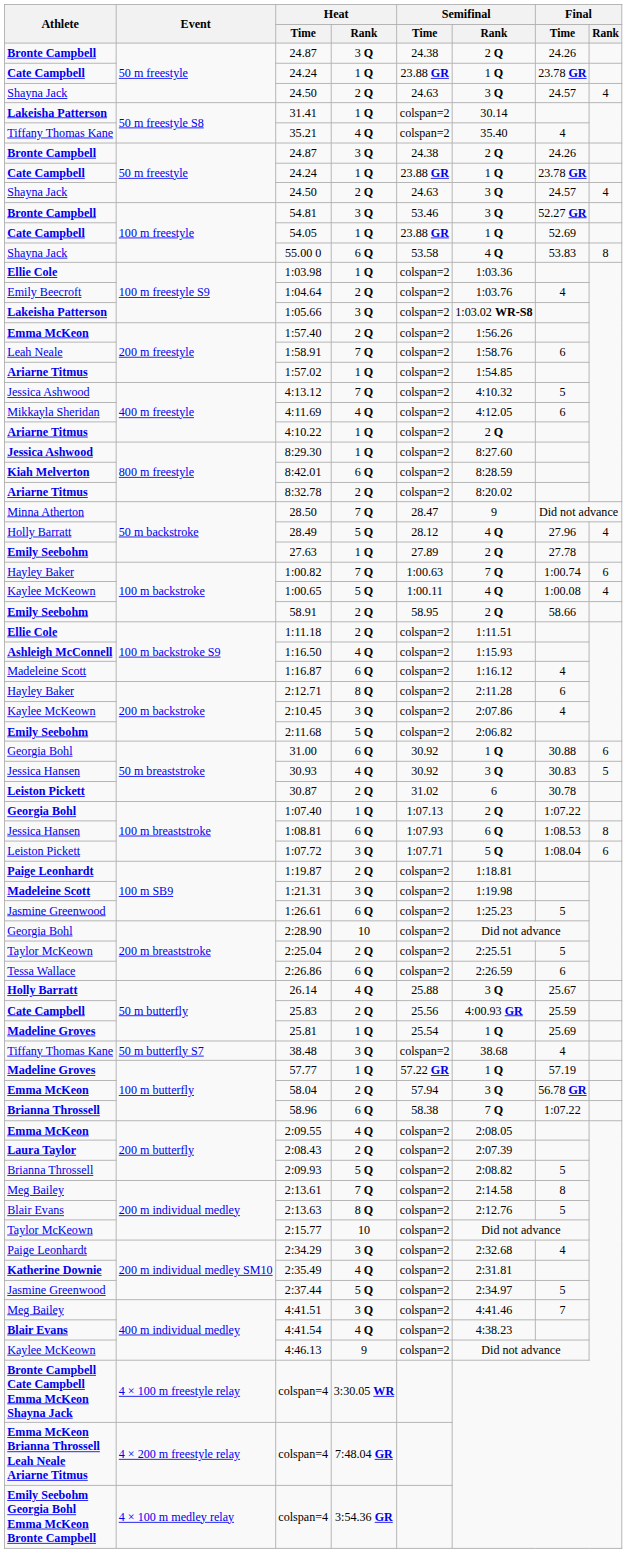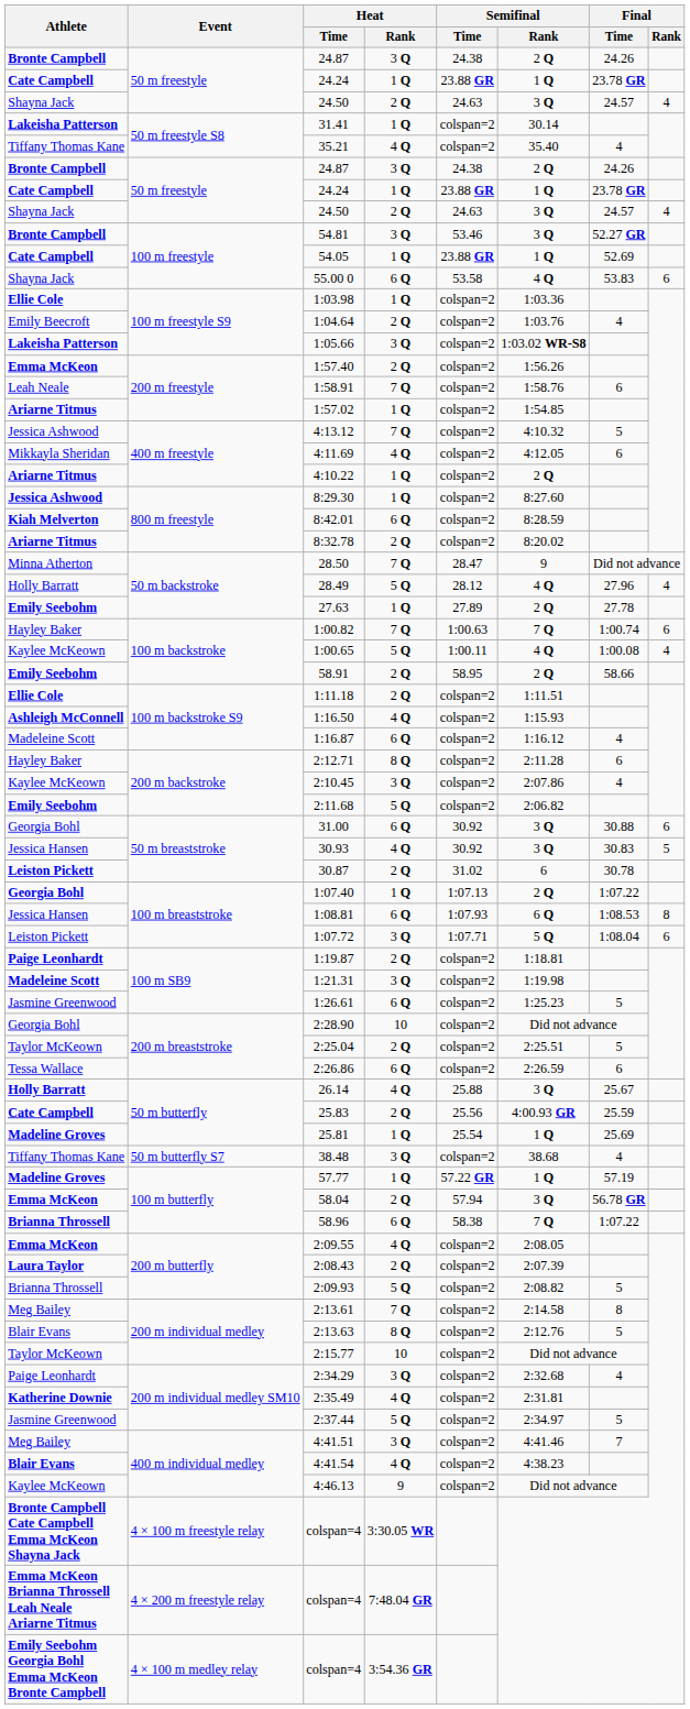 <table class=wikitable style=font-size:90%;text-align:center>
 <tr>
 <th rowspan=2>Athlete</th>
 <th rowspan=2>Event</th>
 <th colspan=2>Heat</th>
 <th colspan=2>Semifinal</th>
 <th colspan=2>Final</th>
 </tr>
 <tr style=font-size:95%>
 <th>Time</th>
 <th>Rank</th>
 <th>Time</th>
 <th>Rank</th>
 <th>Time</th>
 <th>Rank</th>
 </tr>
 <tr>
 <td align=left><strong><a href='#'>Bronte Campbell</a></strong></td>
 <td align=left rowspan=3><a href='#'>50 m freestyle</a></td>
 <td>24.87</td>
 <td>3 <strong>Q</strong></td>
 <td>24.38</td>
 <td>2 <strong>Q</strong></td>
 <td>24.26</td>
 <td></td>
 </tr>
 <tr>
 <td align=left><strong><a href='#'>Cate Campbell</a></strong></td>
 <td>24.24</td>
 <td>1 <strong>Q</strong></td>
 <td>23.88 <a href='#'><strong>GR</strong></a></td>
 <td>1 <strong>Q</strong></td>
 <td>23.78 <a href='#'><strong>GR</strong></a></td>
 <td></td>
 </tr>
 <tr>
 <td align=left><a href='#'>Shayna Jack</a></td>
 <td>24.50</td>
 <td>2 <strong>Q</strong></td>
 <td>24.63</td>
 <td>3 <strong>Q</strong></td>
 <td>24.57</td>
 <td>4</td>
 </tr>
 <tr>
 <td align=left><strong><a href='#'>Lakeisha Patterson</a></strong></td>
 <td align=left rowspan=2><a href='#'>50 m freestyle S8</a></td>
 <td>31.41</td>
 <td>1 <strong>Q</strong></td>
 <td>colspan=2 </td>
 <td>30.14</td>
 <td></td>
 </tr>
 <tr>
 <td align=left><a href='#'>Tiffany Thomas Kane</a></td>
 <td>35.21</td>
 <td>4 <strong>Q</strong></td>
 <td>colspan=2 </td>
 <td>35.40</td>
 <td>4</td>
 </tr>
 <tr>
 <td align=left><strong><a href='#'>Bronte Campbell</a></strong></td>
 <td align=left rowspan=3><a href='#'>50 m freestyle</a></td>
 <td>24.87</td>
 <td>3 <strong>Q</strong></td>
 <td>24.38</td>
 <td>2 <strong>Q</strong></td>
 <td>24.26</td>
 <td></td>
 </tr>
 <tr>
 <td align=left><strong><a href='#'>Cate Campbell</a></strong></td>
 <td>24.24</td>
 <td>1 <strong>Q</strong></td>
 <td>23.88 <a href='#'><strong>GR</strong></a></td>
 <td>1 <strong>Q</strong></td>
 <td>23.78 <a href='#'><strong>GR</strong></a></td>
 <td></td>
 </tr>
 <tr>
 <td align=left><a href='#'>Shayna Jack</a></td>
 <td>24.50</td>
 <td>2 <strong>Q</strong></td>
 <td>24.63</td>
 <td>3 <strong>Q</strong></td>
 <td>24.57</td>
 <td>4</td>
 </tr>
 <tr>
 <td align=left><strong><a href='#'>Bronte Campbell</a></strong></td>
 <td align=left rowspan=3><a href='#'>100 m freestyle</a></td>
 <td>54.81</td>
 <td>3 <strong>Q</strong></td>
 <td>53.46</td>
 <td>3 <strong>Q</strong></td>
 <td>52.27  <a href='#'><strong>GR</strong></a></td>
 <td></td>
 </tr>
 <tr>
 <td align=left><strong><a href='#'>Cate Campbell</a></strong></td>
 <td>54.05</td>
 <td>1 <strong>Q</strong></td>
 <td>23.88 <a href='#'><strong>GR</strong></a></td>
 <td>1 <strong>Q</strong></td>
 <td>52.69</td>
 <td></td>
 </tr>
 <tr>
 <td align=left><a href='#'>Shayna Jack</a></td>
 <td>55.00 0</td>
 <td>6 <strong>Q</strong></td>
 <td>53.58</td>
 <td>4 <strong>Q</strong></td>
 <td>53.83</td>
-<td>8</td>
+<td>6</td>
 </tr>
 <tr>
 <td align=left><strong><a href='#'>Ellie Cole</a></strong></td>
 <td align=left rowspan=3><a href='#'>100 m freestyle S9</a></td>
 <td>1:03.98</td>
 <td>1 <strong>Q</strong></td>
 <td>colspan=2 </td>
 <td>1:03.36</td>
 <td></td>
 </tr>
 <tr>
 <td align=left><a href='#'>Emily Beecroft</a></td>
 <td>1:04.64</td>
 <td>2 <strong>Q</strong></td>
 <td>colspan=2 </td>
 <td>1:03.76</td>
 <td>4</td>
 </tr>
 <tr>
 <td align=left><strong><a href='#'>Lakeisha Patterson</a></strong></td>
 <td>1:05.66</td>
 <td>3 <strong>Q</strong></td>
 <td>colspan=2 </td>
 <td>1:03.02 <strong>WR-S8</strong></td>
 <td></td>
 </tr>
 <tr>
 <td align=left><strong><a href='#'>Emma McKeon</a></strong></td>
 <td align=left rowspan=3><a href='#'>200 m freestyle</a></td>
 <td>1:57.40</td>
 <td>2 <strong>Q</strong></td>
 <td>colspan=2 </td>
 <td>1:56.26</td>
 <td></td>
 </tr>
 <tr>
 <td align=left><a href='#'>Leah Neale</a></td>
 <td>1:58.91</td>
 <td>7 <strong>Q</strong></td>
 <td>colspan=2 </td>
 <td>1:58.76</td>
 <td>6</td>
 </tr>
 <tr>
 <td align=left><strong><a href='#'>Ariarne Titmus</a></strong></td>
 <td>1:57.02</td>
 <td>1 <strong>Q</strong></td>
 <td>colspan=2 </td>
 <td>1:54.85</td>
 <td></td>
 </tr>
 <tr>
 <td align=left><a href='#'>Jessica Ashwood</a></td>
 <td align=left rowspan=3><a href='#'>400 m freestyle</a></td>
 <td>4:13.12</td>
 <td>7 <strong>Q</strong></td>
 <td>colspan=2 </td>
 <td>4:10.32</td>
 <td>5</td>
 </tr>
 <tr>
 <td align=left><a href='#'>Mikkayla Sheridan</a></td>
 <td>4:11.69</td>
 <td>4 <strong>Q</strong></td>
 <td>colspan=2 </td>
 <td>4:12.05</td>
 <td>6</td>
 </tr>
 <tr>
 <td align=left><strong><a href='#'>Ariarne Titmus</a></strong></td>
 <td>4:10.22</td>
 <td>1 <strong>Q</strong></td>
 <td>colspan=2 </td>
 <td>2 <strong>Q</strong></td>
 <td></td>
 </tr>
 <tr>
 <td align=left><strong><a href='#'>Jessica Ashwood</a></strong></td>
 <td align=left rowspan=3><a href='#'>800 m freestyle</a></td>
 <td>8:29.30</td>
 <td>1 <strong>Q</strong></td>
 <td>colspan=2 </td>
 <td>8:27.60</td>
 <td></td>
 </tr>
 <tr>
 <td align=left><strong><a href='#'>Kiah Melverton</a></strong></td>
 <td>8:42.01</td>
 <td>6 <strong>Q</strong></td>
 <td>colspan=2 </td>
 <td>8:28.59</td>
 <td></td>
 </tr>
 <tr>
 <td align=left><strong><a href='#'>Ariarne Titmus</a></strong></td>
 <td>8:32.78</td>
 <td>2 <strong>Q</strong></td>
 <td>colspan=2 </td>
 <td>8:20.02</td>
 <td></td>
 </tr>
 <tr>
 <td align=left><a href='#'>Minna Atherton</a></td>
 <td align=left rowspan=3><a href='#'>50 m backstroke</a></td>
 <td>28.50</td>
 <td>7 <strong>Q</strong></td>
 <td>28.47</td>
 <td>9</td>
 <td colspan=2>Did not advance</td>
 </tr>
 <tr>
 <td align=left><a href='#'>Holly Barratt</a></td>
 <td>28.49</td>
 <td>5 <strong>Q</strong></td>
 <td>28.12</td>
 <td>4 <strong>Q</strong></td>
 <td>27.96</td>
 <td>4</td>
 </tr>
 <tr>
 <td align=left><strong><a href='#'>Emily Seebohm</a></strong></td>
 <td>27.63</td>
 <td>1 <strong>Q</strong></td>
 <td>27.89</td>
 <td>2 <strong>Q</strong></td>
 <td>27.78</td>
 <td></td>
 </tr>
 <tr>
 <td align=left><a href='#'>Hayley Baker</a></td>
 <td align=left rowspan=3><a href='#'>100 m backstroke</a></td>
 <td>1:00.82</td>
 <td>7 <strong>Q</strong></td>
 <td>1:00.63</td>
 <td>7 <strong>Q</strong></td>
 <td>1:00.74</td>
 <td>6</td>
 </tr>
 <tr>
 <td align=left><a href='#'>Kaylee McKeown</a></td>
 <td>1:00.65</td>
 <td>5 <strong>Q</strong></td>
 <td>1:00.11</td>
 <td>4 <strong>Q</strong></td>
 <td>1:00.08</td>
 <td>4</td>
 </tr>
 <tr>
 <td align=left><strong><a href='#'>Emily Seebohm</a></strong></td>
 <td>58.91</td>
 <td>2 <strong>Q</strong></td>
 <td>58.95</td>
 <td>2 <strong>Q</strong></td>
 <td>58.66</td>
 <td></td>
 </tr>
 <tr>
 <td align=left><strong><a href='#'>Ellie Cole</a></strong></td>
 <td align=left rowspan=3><a href='#'>100 m backstroke S9</a></td>
 <td>1:11.18</td>
 <td>2 <strong>Q</strong></td>
 <td>colspan=2 </td>
 <td>1:11.51</td>
 <td></td>
 </tr>
 <tr>
 <td align=left><strong><a href='#'>Ashleigh McConnell</a></strong></td>
 <td>1:16.50</td>
 <td>4 <strong>Q</strong></td>
 <td>colspan=2 </td>
 <td>1:15.93</td>
 <td></td>
 </tr>
 <tr>
 <td align=left><a href='#'>Madeleine Scott</a></td>
 <td>1:16.87</td>
 <td>6 <strong>Q</strong></td>
 <td>colspan=2 </td>
 <td>1:16.12</td>
 <td>4</td>
 </tr>
 <tr>
 <td align=left><a href='#'>Hayley Baker</a></td>
 <td align=left rowspan=3><a href='#'>200 m backstroke</a></td>
 <td>2:12.71</td>
 <td>8 <strong>Q</strong></td>
 <td>colspan=2 </td>
 <td>2:11.28</td>
 <td>6</td>
 </tr>
 <tr>
 <td align=left><a href='#'>Kaylee McKeown</a></td>
 <td>2:10.45</td>
 <td>3 <strong>Q</strong></td>
 <td>colspan=2 </td>
 <td>2:07.86</td>
 <td>4</td>
 </tr>
 <tr>
 <td align=left><strong><a href='#'>Emily Seebohm</a></strong></td>
 <td>2:11.68</td>
 <td>5 <strong>Q</strong></td>
 <td>colspan=2 </td>
 <td>2:06.82</td>
 <td></td>
 </tr>
 <tr>
 <td align=left><a href='#'>Georgia Bohl</a></td>
 <td align=left rowspan=3><a href='#'>50 m breaststroke</a></td>
 <td>31.00</td>
 <td>6 <strong>Q</strong></td>
 <td>30.92</td>
-<td>1 <strong>Q</strong></td>
+<td>3 <strong>Q</strong></td>
 <td>30.88</td>
 <td>6</td>
 </tr>
 <tr>
 <td align=left><a href='#'>Jessica Hansen</a></td>
 <td>30.93</td>
 <td>4 <strong>Q</strong></td>
 <td>30.92</td>
 <td>3 <strong>Q</strong></td>
 <td>30.83</td>
 <td>5</td>
 </tr>
 <tr>
 <td align=left><strong><a href='#'>Leiston Pickett</a></strong></td>
 <td>30.87</td>
 <td>2 <strong>Q</strong></td>
 <td>31.02</td>
 <td>6</td>
 <td>30.78</td>
 <td></td>
 </tr>
 <tr>
 <td align=left><strong><a href='#'>Georgia Bohl</a></strong></td>
 <td align=left rowspan=3><a href='#'>100 m breaststroke</a></td>
 <td>1:07.40</td>
 <td>1 <strong>Q</strong></td>
 <td>1:07.13</td>
 <td>2 <strong>Q</strong></td>
 <td>1:07.22</td>
 <td></td>
 </tr>
 <tr>
 <td align=left><a href='#'>Jessica Hansen</a></td>
 <td>1:08.81</td>
 <td>6 <strong>Q</strong></td>
 <td>1:07.93</td>
 <td>6 <strong>Q</strong></td>
 <td>1:08.53</td>
 <td>8</td>
 </tr>
 <tr>
 <td align=left><a href='#'>Leiston Pickett</a></td>
 <td>1:07.72</td>
 <td>3 <strong>Q</strong></td>
 <td>1:07.71</td>
 <td>5 <strong>Q</strong></td>
 <td>1:08.04</td>
 <td>6</td>
 </tr>
 <tr>
 <td align=left><strong><a href='#'>Paige Leonhardt</a></strong></td>
 <td align=left rowspan=3><a href='#'>100 m SB9</a></td>
 <td>1:19.87</td>
 <td>2 <strong>Q</strong></td>
 <td>colspan=2 </td>
 <td>1:18.81</td>
 <td></td>
 </tr>
 <tr>
 <td align=left><strong><a href='#'>Madeleine Scott</a></strong></td>
 <td>1:21.31</td>
 <td>3 <strong>Q</strong></td>
 <td>colspan=2 </td>
 <td>1:19.98</td>
 <td></td>
 </tr>
 <tr>
 <td align=left><a href='#'>Jasmine Greenwood</a></td>
 <td>1:26.61</td>
 <td>6 <strong>Q</strong></td>
 <td>colspan=2 </td>
 <td>1:25.23</td>
 <td>5</td>
 </tr>
 <tr>
 <td align=left><a href='#'>Georgia Bohl</a></td>
 <td align=left rowspan=3><a href='#'>200 m breaststroke</a></td>
 <td>2:28.90</td>
 <td>10</td>
 <td>colspan=2 </td>
 <td colspan=2>Did not advance</td>
 </tr>
 <tr>
 <td align=left><a href='#'>Taylor McKeown</a></td>
 <td>2:25.04</td>
 <td>2 <strong>Q</strong></td>
 <td>colspan=2 </td>
 <td>2:25.51</td>
 <td>5</td>
 </tr>
 <tr>
 <td align=left><a href='#'>Tessa Wallace</a></td>
 <td>2:26.86</td>
 <td>6 <strong>Q</strong></td>
 <td>colspan=2 </td>
 <td>2:26.59</td>
 <td>6</td>
 </tr>
 <tr>
 <td align=left><strong><a href='#'>Holly Barratt</a></strong></td>
 <td align=left rowspan=3><a href='#'>50 m butterfly</a></td>
 <td>26.14</td>
 <td>4 <strong>Q</strong></td>
 <td>25.88</td>
 <td>3 <strong> Q</strong></td>
 <td>25.67</td>
 <td></td>
 </tr>
 <tr>
 <td align=left><strong><a href='#'>Cate Campbell</a></strong></td>
 <td>25.83</td>
 <td>2 <strong>Q</strong></td>
 <td>25.56</td>
 <td>4:00.93 <a href='#'><strong>GR</strong></a></td>
 <td>25.59</td>
 <td></td>
 </tr>
 <tr>
 <td align=left><strong><a href='#'>Madeline Groves</a></strong></td>
 <td>25.81</td>
 <td>1 <strong>Q</strong></td>
 <td>25.54</td>
 <td>1 <strong>Q</strong></td>
 <td>25.69</td>
 <td></td>
 </tr>
 <tr>
 <td align=left><a href='#'>Tiffany Thomas Kane</a></td>
 <td align=left><a href='#'>50 m butterfly S7</a></td>
 <td>38.48</td>
 <td>3 <strong>Q</strong></td>
 <td>colspan=2 </td>
 <td>38.68</td>
 <td>4</td>
 </tr>
 <tr>
 <td align=left><strong><a href='#'>Madeline Groves</a></strong></td>
 <td align=left rowspan=3><a href='#'>100 m butterfly</a></td>
 <td>57.77</td>
 <td>1 <strong>Q</strong></td>
 <td>57.22 <a href='#'><strong>GR</strong></a></td>
 <td>1 <strong>Q</strong></td>
 <td>57.19</td>
 <td></td>
 </tr>
 <tr>
 <td align=left><strong><a href='#'>Emma McKeon</a></strong></td>
 <td>58.04</td>
 <td>2 <strong>Q</strong></td>
 <td>57.94</td>
 <td>3 <strong>Q</strong></td>
 <td>56.78 <a href='#'><strong>GR</strong></a></td>
 <td></td>
 </tr>
 <tr>
 <td align=left><strong><a href='#'>Brianna Throssell</a></strong></td>
 <td>58.96</td>
 <td>6 <strong>Q</strong></td>
 <td>58.38</td>
 <td>7 <strong>Q</strong></td>
 <td>1:07.22</td>
 <td></td>
 </tr>
 <tr>
 <td align=left><strong><a href='#'>Emma McKeon</a></strong></td>
 <td align=left rowspan=3><a href='#'>200 m butterfly</a></td>
 <td>2:09.55</td>
 <td>4 <strong>Q</strong></td>
 <td>colspan=2 </td>
 <td>2:08.05</td>
 <td></td>
 </tr>
 <tr>
 <td align=left><strong><a href='#'>Laura Taylor</a></strong></td>
 <td>2:08.43</td>
 <td>2 <strong>Q</strong></td>
 <td>colspan=2 </td>
 <td>2:07.39</td>
 <td></td>
 </tr>
 <tr>
 <td align=left><a href='#'>Brianna Throssell</a></td>
 <td>2:09.93</td>
 <td>5 <strong>Q</strong></td>
 <td>colspan=2 </td>
 <td>2:08.82</td>
 <td>5</td>
 </tr>
 <tr>
 <td align=left><a href='#'>Meg Bailey</a></td>
 <td align=left rowspan=3><a href='#'>200 m individual medley</a></td>
 <td>2:13.61</td>
 <td>7 <strong>Q</strong></td>
 <td>colspan=2 </td>
 <td>2:14.58</td>
 <td>8</td>
 </tr>
 <tr>
 <td align=left><a href='#'>Blair Evans</a></td>
 <td>2:13.63</td>
 <td>8 <strong>Q</strong></td>
 <td>colspan=2 </td>
 <td>2:12.76</td>
 <td>5</td>
 </tr>
 <tr>
 <td align=left><a href='#'>Taylor McKeown</a></td>
 <td>2:15.77</td>
 <td>10</td>
 <td>colspan=2 </td>
 <td colspan=2>Did not advance</td>
 </tr>
 <tr>
 <td align=left><a href='#'>Paige Leonhardt</a></td>
 <td align=left rowspan=3><a href='#'>200 m individual medley SM10</a></td>
 <td>2:34.29</td>
 <td>3 <strong>Q</strong></td>
 <td>colspan=2 </td>
 <td>2:32.68</td>
 <td>4</td>
 </tr>
 <tr>
 <td align=left><strong><a href='#'>Katherine Downie</a></strong></td>
 <td>2:35.49</td>
 <td>4 <strong>Q</strong></td>
 <td>colspan=2 </td>
 <td>2:31.81</td>
 <td></td>
 </tr>
 <tr>
 <td align=left><a href='#'>Jasmine Greenwood</a></td>
 <td>2:37.44</td>
 <td>5 <strong>Q</strong></td>
 <td>colspan=2 </td>
 <td>2:34.97</td>
 <td>5</td>
 </tr>
 <tr>
 <td align=left><a href='#'>Meg Bailey</a></td>
 <td align=left rowspan=3><a href='#'>400 m individual medley</a></td>
 <td>4:41.51</td>
 <td>3 <strong>Q</strong></td>
 <td>colspan=2 </td>
 <td>4:41.46</td>
 <td>7</td>
 </tr>
 <tr>
 <td align=left><strong><a href='#'>Blair Evans</a></strong></td>
 <td>4:41.54</td>
 <td>4 <strong>Q</strong></td>
 <td>colspan=2 </td>
 <td>4:38.23</td>
 <td></td>
 </tr>
 <tr>
 <td align=left><a href='#'>Kaylee McKeown</a></td>
 <td>4:46.13</td>
 <td>9</td>
 <td>colspan=2 </td>
 <td colspan=2>Did not advance</td>
 </tr>
 <tr>
 <td align=left><strong><a href='#'>Bronte Campbell</a><br><a href='#'>Cate Campbell</a><br><a href='#'>Emma McKeon</a><br><a href='#'>Shayna Jack</a></strong></td>
 <td align=left><a href='#'>4 × 100 m freestyle relay</a></td>
 <td>colspan=4 </td>
 <td>3:30.05 <a href='#'><strong>WR</strong></a></td>
 <td></td>
 </tr>
 <tr>
 <td align=left><strong><a href='#'>Emma McKeon</a></strong><br><strong><a href='#'>Brianna Throssell</a></strong> <br><strong><a href='#'>Leah Neale</a></strong><br><strong><a href='#'>Ariarne Titmus</a></strong></td>
 <td align=left><a href='#'>4 × 200 m freestyle relay</a></td>
 <td>colspan=4 </td>
 <td>7:48.04 <a href='#'><strong>GR</strong></a></td>
 <td></td>
 </tr>
 <tr>
 <td align=left><strong><a href='#'>Emily Seebohm</a></strong><br><strong><a href='#'>Georgia Bohl</a></strong><br><strong><a href='#'>Emma McKeon</a></strong><br><strong><a href='#'>Bronte Campbell</a></strong></td>
 <td align=left><a href='#'>4 × 100 m medley relay</a></td>
 <td>colspan=4 </td>
 <td>3:54.36 <a href='#'><strong>GR</strong></a></td>
 <td></td>
 </tr>
 </table>
